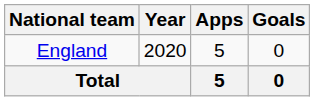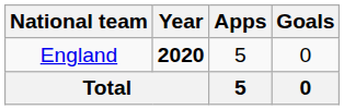 <table class=wikitable style=text-align:center>
 <tr>
 <th>National team</th>
 <th>Year</th>
 <th>Apps</th>
 <th>Goals</th>
 </tr>
 <tr>
 <td><a href='#'>England</a></td>
-<td>2020</td>
+<td><strong>2020</strong></td>
 <td>5</td>
 <td>0</td>
 </tr>
 <tr>
 <th colspan="2">Total</th>
 <th>5</th>
 <th>0</th>
 </tr>
 </table>
